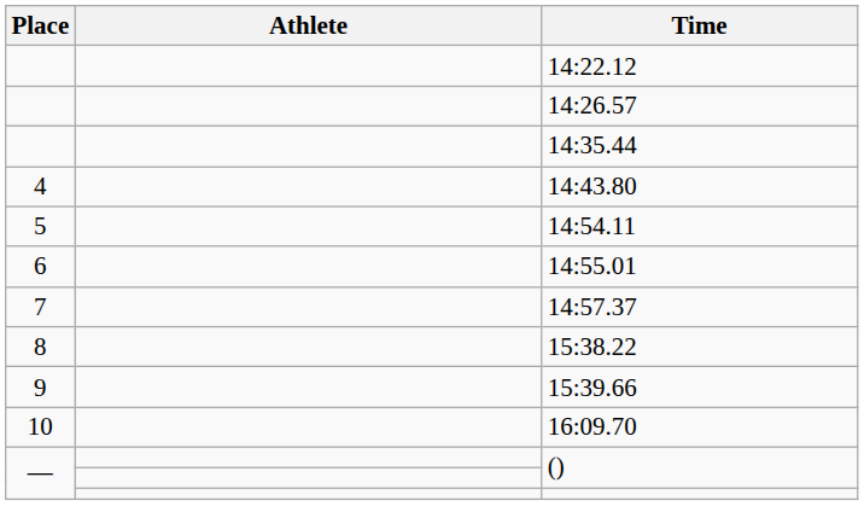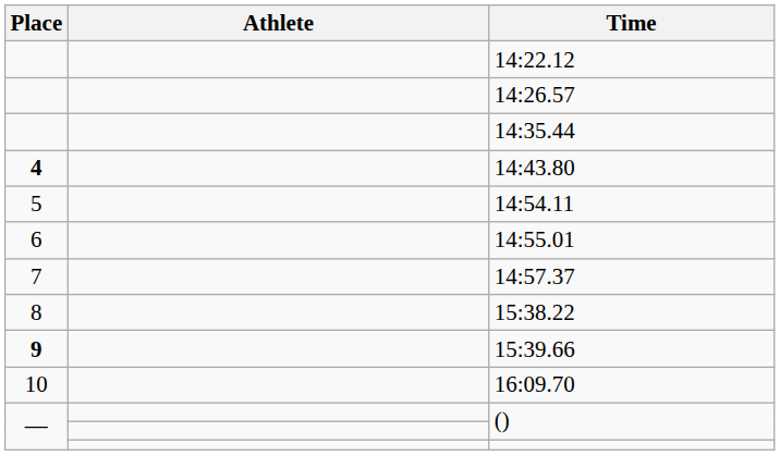 <table class=wikitable>
 <tr>
 <th>Place</th>
 <th style="width:18em">Athlete</th>
 <th style="width:12em">Time</th>
 </tr>
 <tr>
 <td align=center></td>
 <td></td>
 <td>14:22.12  <strong></strong></td>
 </tr>
 <tr>
 <td align=center></td>
 <td></td>
 <td>14:26.57</td>
 </tr>
 <tr>
 <td align=center></td>
 <td></td>
 <td>14:35.44 </td>
 </tr>
 <tr>
-<td align=center>4</td>
+<td align=center><strong>4</strong></td>
 <td></td>
 <td>14:43.80 <strong></strong></td>
 </tr>
 <tr>
 <td align=center>5</td>
 <td></td>
 <td>14:54.11</td>
 </tr>
 <tr>
 <td align=center>6</td>
 <td></td>
 <td>14:55.01</td>
 </tr>
 <tr>
 <td align=center>7</td>
 <td></td>
 <td>14:57.37</td>
 </tr>
 <tr>
 <td align=center>8</td>
 <td></td>
 <td>15:38.22</td>
 </tr>
 <tr>
-<td align=center>9</td>
+<td align=center><strong>9</strong></td>
 <td></td>
 <td>15:39.66</td>
 </tr>
 <tr>
 <td align=center>10</td>
 <td></td>
 <td>16:09.70</td>
 </tr>
 <tr>
 <td align=center data-sort-value=11 rowspan=3>—</td>
 <td></td>
 <td rowspan=2> ()</td>
 </tr>
 <tr>
 <td></td>
 </tr>
 <tr>
 <td></td>
 <td></td>
 </tr>
 </table>
